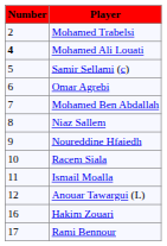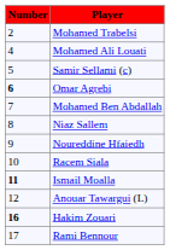 <table bgcolor="#f7f8ff" cellpadding="3" cellspacing="0" border="1" style="font-size: 95%; border: gray solid 1px; border-collapse: collapse;">
 <tr bgcolor="#ff0000">
 <td align=center><strong>Number</strong></td>
 <td align=center><strong>Player</strong></td>
 </tr>
 <tr align="left">
 <td>2</td>
 <td> <a href='#'>Mohamed Trabelsi</a></td>
 </tr>
 <tr align=left>
-<td><strong>4</strong></td>
+<td>4</td>
 <td> <a href='#'>Mohamed Ali Louati</a></td>
 </tr>
 <tr align="left">
 <td>5</td>
 <td> <a href='#'>Samir Sellami</a> (<a href='#'>c</a>)</td>
 </tr>
 <tr align="left">
-<td>6</td>
+<td><strong>6</strong></td>
 <td> <a href='#'>Omar Agrebi</a></td>
 </tr>
 <tr align="left">
 <td>7</td>
 <td> <a href='#'>Mohamed Ben Abdallah</a></td>
 </tr>
 <tr align="left">
 <td>8</td>
 <td> <a href='#'>Niaz Sallem</a></td>
 </tr>
 <tr align="left">
 <td>9</td>
 <td> <a href='#'>Noureddine Hfaiedh</a></td>
 </tr>
 <tr align="left">
 <td>10</td>
 <td> <a href='#'>Racem Siala</a></td>
 </tr>
 <tr align="left">
-<td>11</td>
+<td><strong>11</strong></td>
 <td> <a href='#'>Ismail Moalla</a></td>
 </tr>
 <tr align="left">
 <td>12</td>
 <td> <a href='#'>Anouar Tawargui</a> (L)</td>
 </tr>
 <tr align="left">
-<td>16</td>
+<td><strong>16</strong></td>
 <td> <a href='#'>Hakim Zouari</a></td>
 </tr>
 <tr align="left">
 <td>17</td>
 <td> <a href='#'>Rami Bennour</a></td>
 </tr>
 </table>
